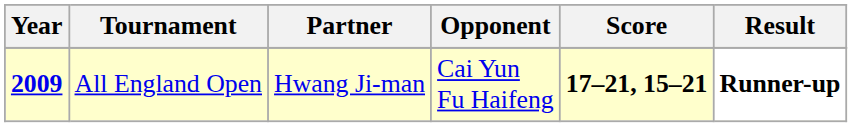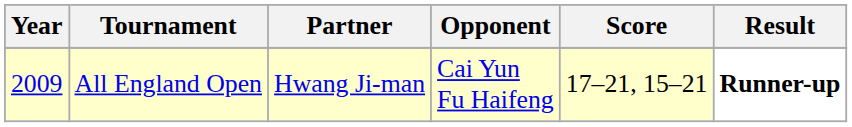 <table class="sortable wikitable" style="font-size: 90%;">
 <tr>
 <th>Year</th>
 <th>Tournament</th>
 <th>Partner</th>
 <th>Opponent</th>
 <th>Score</th>
 <th>Result</th>
 </tr>
 <tr>
 </tr>
 <tr style="background:#FFFFCC">
-<td align="center"><strong><a href='#'>2009</a></strong></td>
+<td align="center"><a href='#'>2009</a></td>
 <td align="left"><a href='#'>All England Open</a></td>
 <td align="left"> <a href='#'>Hwang Ji-man</a></td>
 <td align="left"> <a href='#'>Cai Yun</a> <br>  <a href='#'>Fu Haifeng</a></td>
-<td align="left"><strong>17–21, 15–21</strong></td>
+<td align="left">17–21, 15–21</td>
 <td style="text-align:left; background:white"> <strong>Runner-up</strong></td>
 </tr>
 </table>
